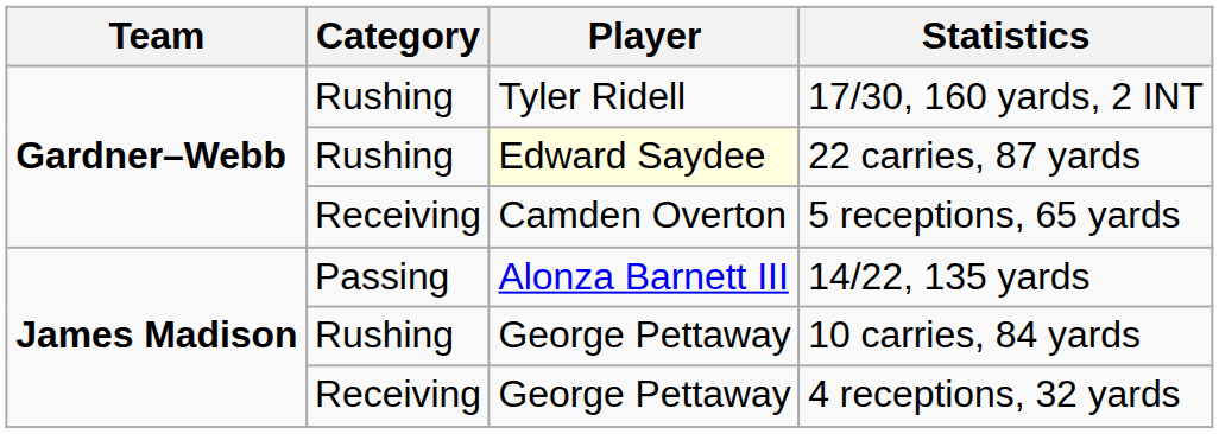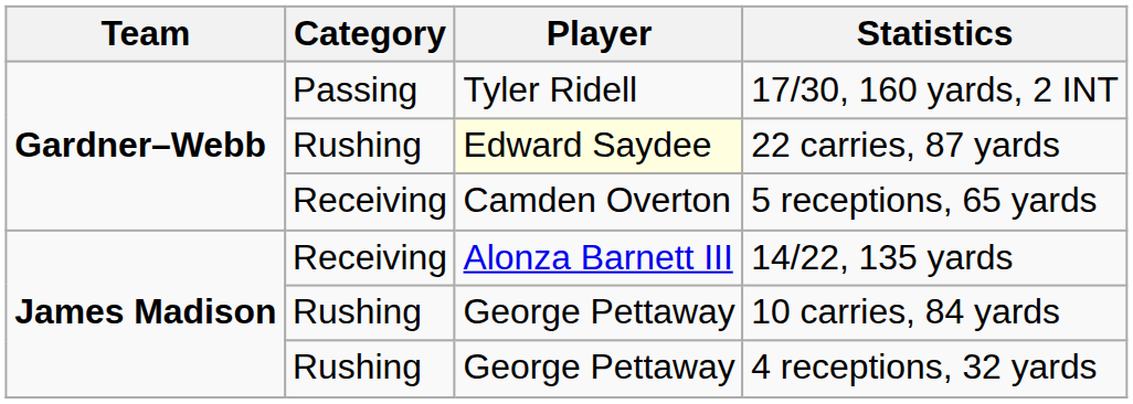 <table class="wikitable" style="float: right;">
 <tr>
 <th>Team</th>
 <th>Category</th>
 <th>Player</th>
 <th>Statistics</th>
 </tr>
 <tr>
 <td rowspan=3><strong>Gardner–Webb</strong></td>
-<td>Rushing</td>
+<td>Passing</td>
 <td>Tyler Ridell</td>
 <td>17/30, 160 yards, 2 INT</td>
 </tr>
 <tr>
 <td>Rushing</td>
 <td style="background: lightyellow;">Edward Saydee</td>
 <td>22 carries, 87 yards</td>
 </tr>
 <tr>
 <td>Receiving</td>
 <td>Camden Overton</td>
 <td>5 receptions, 65 yards</td>
 </tr>
 <tr>
 <td rowspan=3><strong>James Madison</strong></td>
-<td>Passing</td>
+<td>Receiving</td>
 <td><a href='#'>Alonza Barnett III</a></td>
 <td>14/22, 135 yards</td>
 </tr>
 <tr>
 <td>Rushing</td>
 <td>George Pettaway</td>
 <td>10 carries, 84 yards</td>
 </tr>
 <tr>
-<td>Receiving</td>
+<td>Rushing</td>
 <td>George Pettaway</td>
 <td>4 receptions, 32 yards</td>
 </tr>
 </table>
